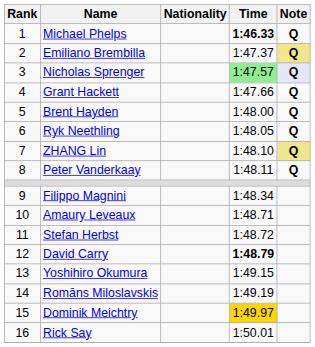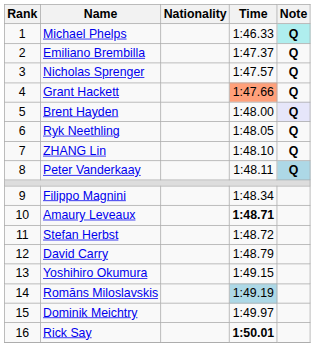 <table class="wikitable" style="text-align:center">
 <tr>
 <th>Rank</th>
 <th>Name</th>
 <th>Nationality</th>
 <th>Time</th>
 <th>Note</th>
 </tr>
 <tr>
 <td>1</td>
 <td align=left><a href='#'>Michael Phelps</a></td>
 <td align=left></td>
-<td><strong>1:46.33</strong></td>
-<td><strong>Q</strong></td>
+<td>1:46.33</td>
+<td style="background: paleturquoise;"><strong>Q</strong></td>
 </tr>
 <tr>
 <td>2</td>
 <td align=left><a href='#'>Emiliano Brembilla</a></td>
 <td align=left></td>
 <td>1:47.37</td>
-<td style="background: khaki;"><strong>Q</strong></td>
+<td><strong>Q</strong></td>
 </tr>
 <tr>
 <td>3</td>
 <td align=left><a href='#'>Nicholas Sprenger</a></td>
 <td align=left></td>
-<td style="background: lightgreen;">1:47.57</td>
-<td style="background: lavender;"><strong>Q</strong></td>
+<td>1:47.57</td>
+<td><strong>Q</strong></td>
 </tr>
 <tr>
 <td>4</td>
 <td align=left><a href='#'>Grant Hackett</a></td>
 <td align=left></td>
-<td>1:47.66</td>
+<td style="background: lightsalmon;">1:47.66</td>
 <td><strong>Q</strong></td>
 </tr>
 <tr>
 <td>5</td>
 <td align=left><a href='#'>Brent Hayden</a></td>
 <td align=left></td>
 <td>1:48.00</td>
-<td><strong>Q</strong></td>
+<td style="background: lavender;"><strong>Q</strong></td>
 </tr>
 <tr>
 <td>6</td>
 <td align=left><a href='#'>Ryk Neethling</a></td>
 <td align=left></td>
 <td>1:48.05</td>
 <td><strong>Q</strong></td>
 </tr>
 <tr>
 <td>7</td>
 <td align=left><a href='#'>ZHANG Lin</a></td>
 <td align=left></td>
 <td>1:48.10</td>
-<td style="background: khaki;"><strong>Q</strong></td>
+<td><strong>Q</strong></td>
 </tr>
 <tr>
 <td>8</td>
 <td align=left><a href='#'>Peter Vanderkaay</a></td>
 <td align=left></td>
 <td>1:48.11</td>
-<td><strong>Q</strong></td>
+<td style="background: lightblue;"><strong>Q</strong></td>
 </tr>
 <tr bgcolor=#DDDDDD>
 <td colspan=5></td>
 </tr>
 <tr>
 <td>9</td>
 <td align=left><a href='#'>Filippo Magnini</a></td>
 <td align=left></td>
 <td>1:48.34</td>
 <td></td>
 </tr>
 <tr>
 <td>10</td>
 <td align=left><a href='#'>Amaury Leveaux</a></td>
 <td align=left></td>
-<td>1:48.71</td>
+<td><strong>1:48.71</strong></td>
 <td></td>
 </tr>
 <tr>
 <td>11</td>
 <td align=left><a href='#'>Stefan Herbst</a></td>
 <td align=left></td>
 <td>1:48.72</td>
 <td></td>
 </tr>
 <tr>
 <td>12</td>
 <td align=left><a href='#'>David Carry</a></td>
 <td align=left></td>
-<td><strong>1:48.79</strong></td>
+<td>1:48.79</td>
 <td></td>
 </tr>
 <tr>
 <td>13</td>
 <td align=left><a href='#'>Yoshihiro Okumura</a></td>
 <td align=left></td>
 <td>1:49.15</td>
 <td></td>
 </tr>
 <tr>
 <td>14</td>
 <td align=left><a href='#'>Romāns Miloslavskis</a></td>
 <td align=left></td>
-<td>1:49.19</td>
+<td style="background: lightblue;">1:49.19</td>
 <td></td>
 </tr>
 <tr>
 <td>15</td>
 <td align=left><a href='#'>Dominik Meichtry</a></td>
 <td align=left></td>
-<td style="background: gold;">1:49.97</td>
+<td>1:49.97</td>
 <td></td>
 </tr>
 <tr>
 <td>16</td>
 <td align=left><a href='#'>Rick Say</a></td>
 <td align=left></td>
-<td>1:50.01</td>
+<td><strong>1:50.01</strong></td>
 <td></td>
 </tr>
 <tr>
 </tr>
 </table>
